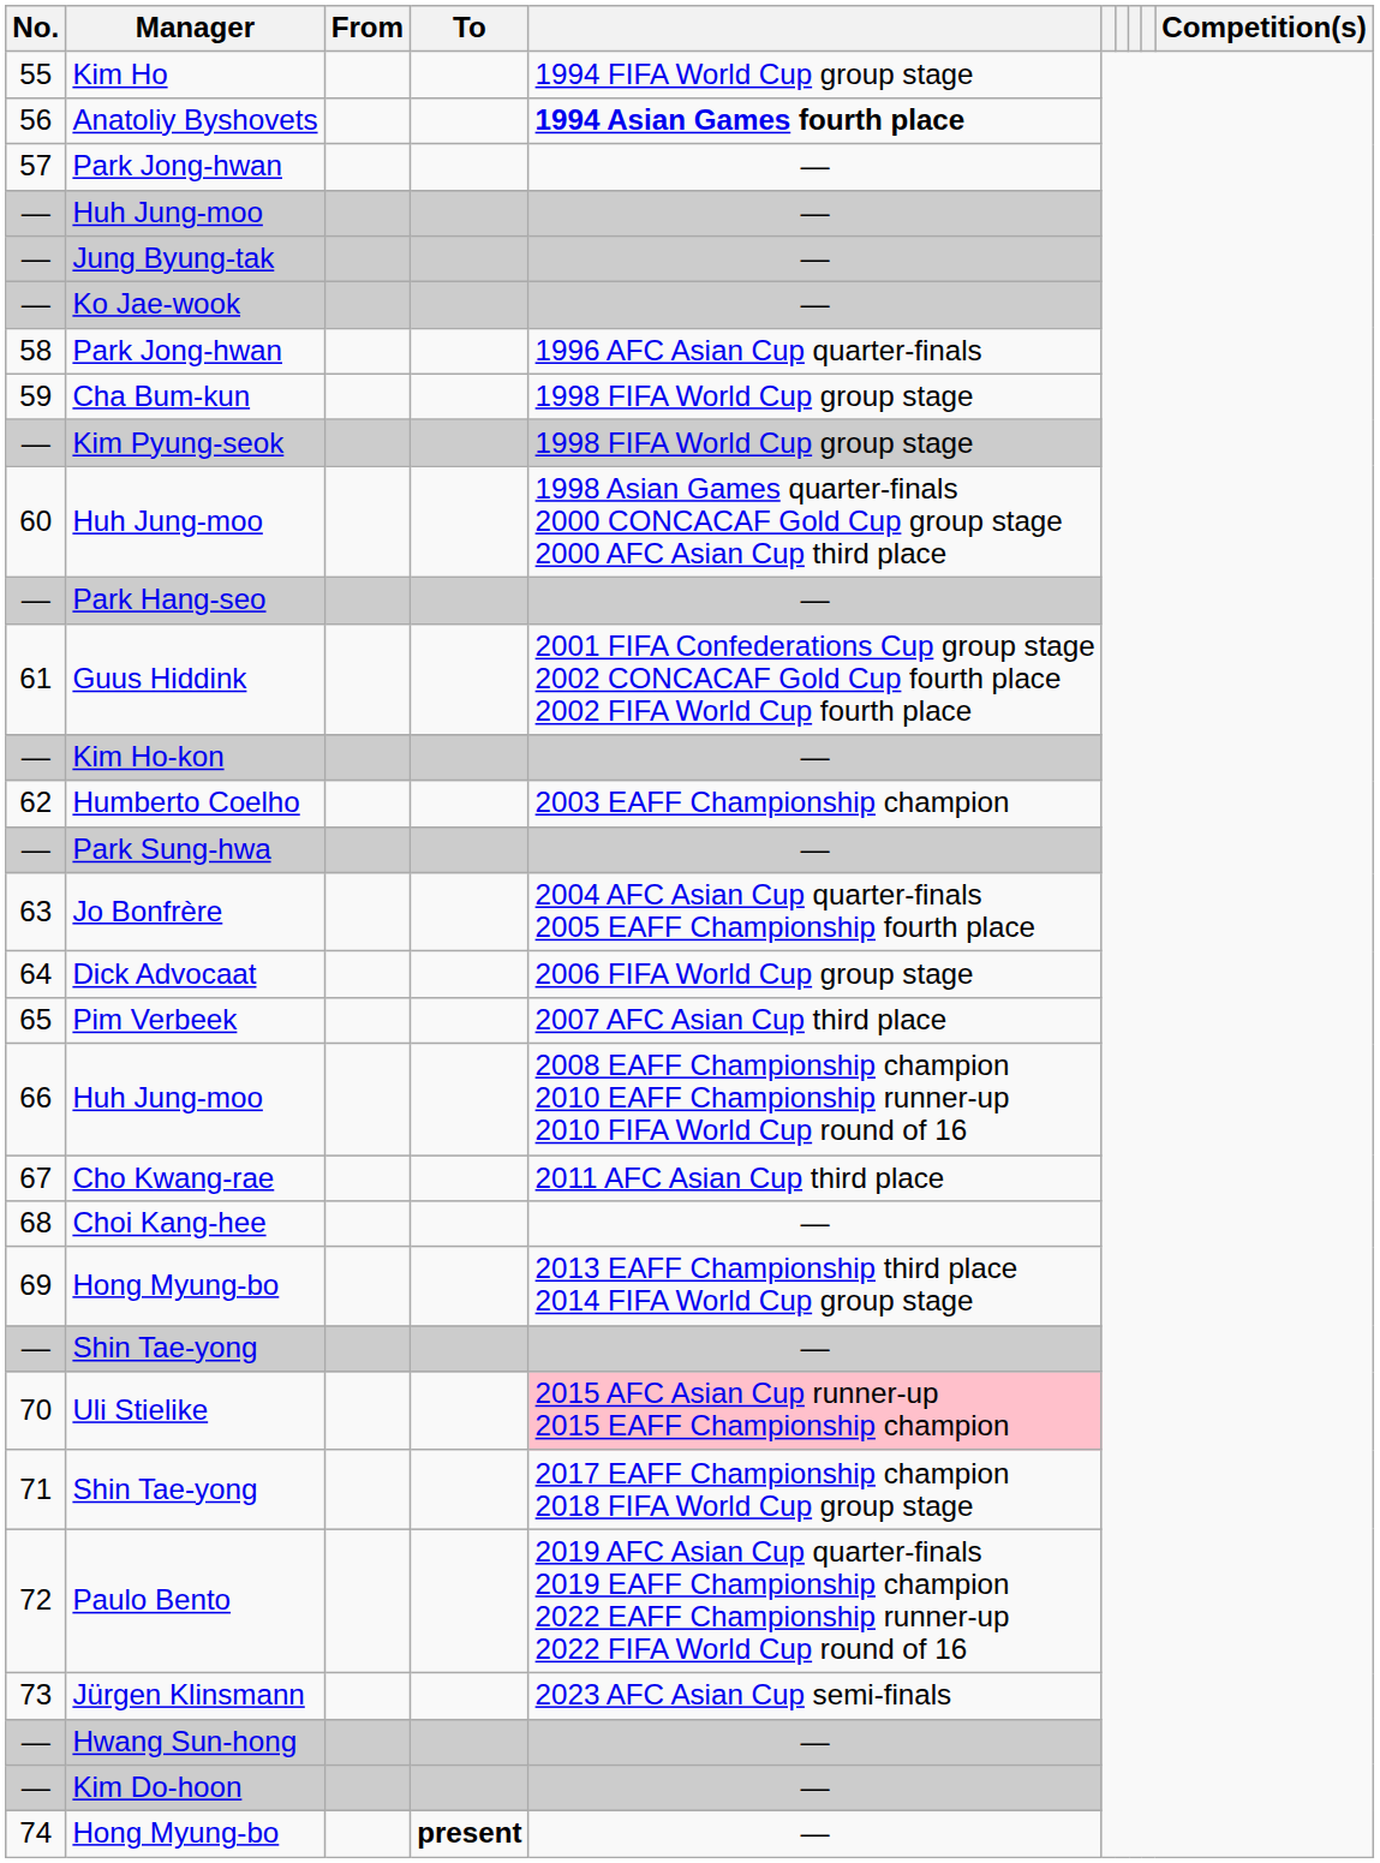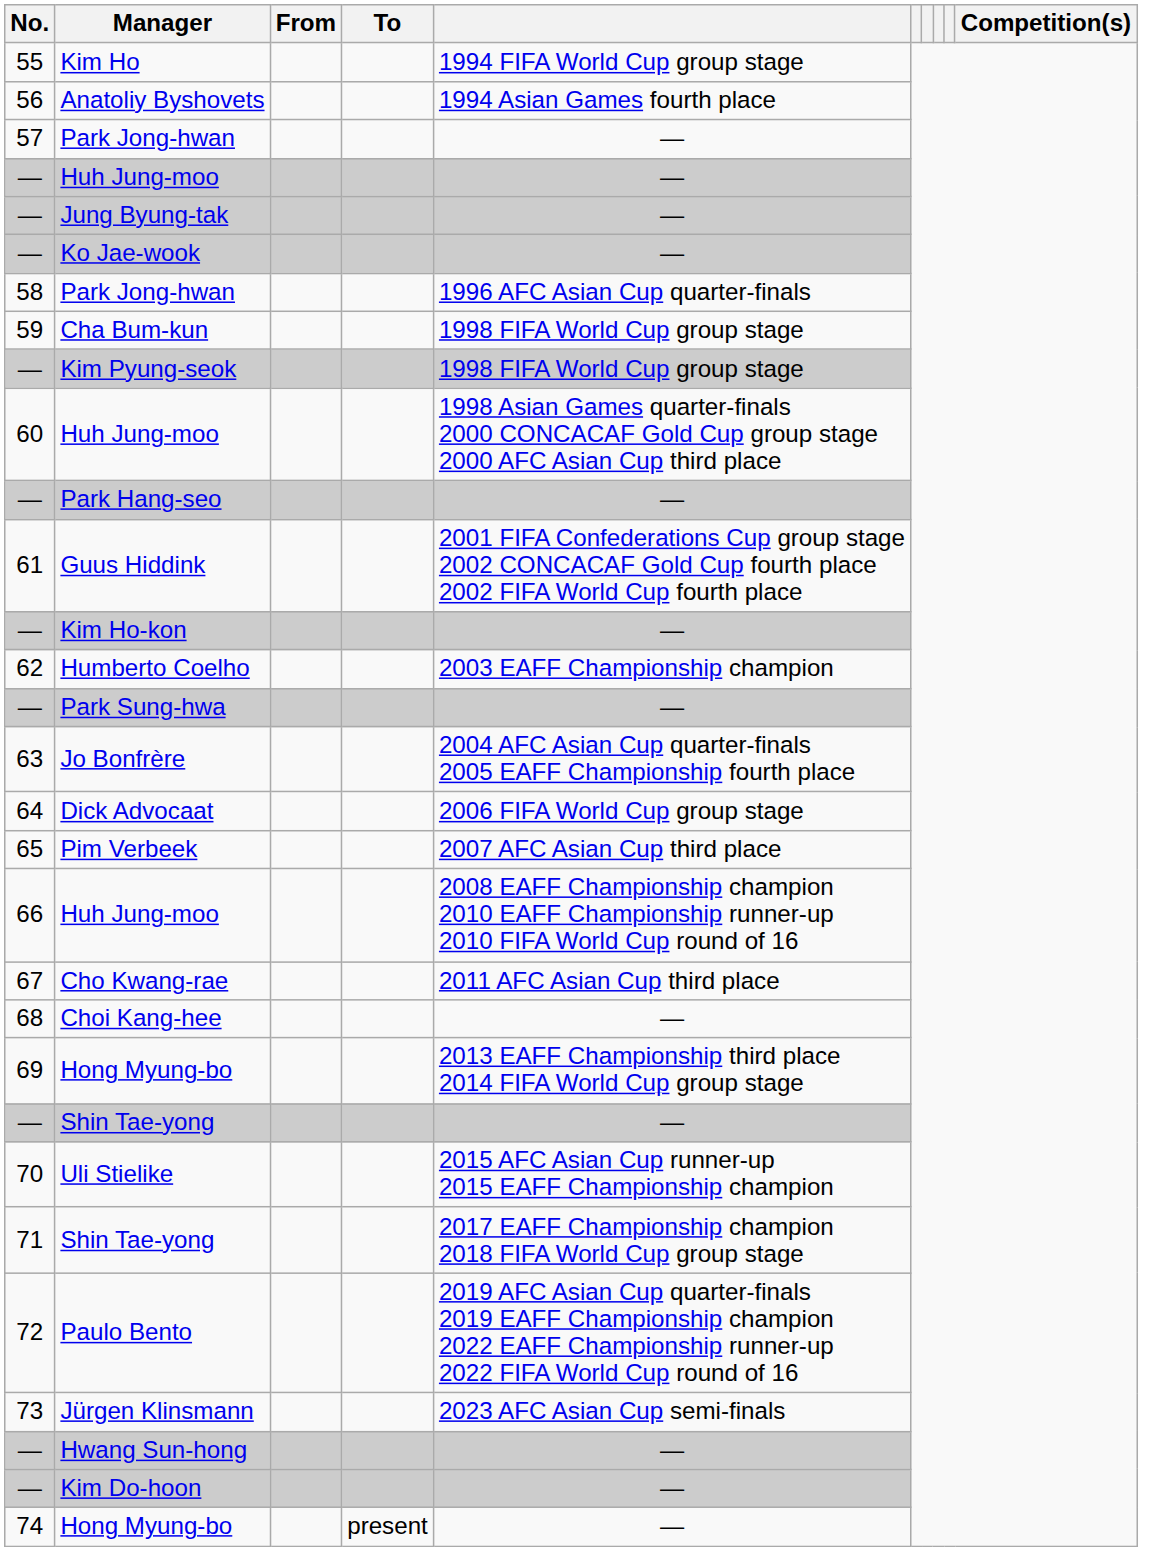 <table class="wikitable sortable">
 <tr>
 <th scope="col">No.</th>
 <th scope="col">Manager</th>
 <th scope="col">From</th>
 <th scope="col">To</th>
 <th scope="col"></th>
 <th scope="col"></th>
 <th scope="col"></th>
 <th scope="col"></th>
 <th scope="col"></th>
 <th scope="col">Competition(s)</th>
 </tr>
 <tr>
 <td scope="row" style="text-align:center">55</td>
 <td> <a href='#'>Kim Ho</a></td>
 <td></td>
 <td><br></td>
 <td><a href='#'>1994 FIFA World Cup</a> group stage</td>
 </tr>
 <tr>
 <td scope="row" style="text-align:center">56</td>
 <td> <a href='#'>Anatoliy Byshovets</a></td>
 <td></td>
 <td><br></td>
-<td><strong><a href='#'>1994 Asian Games</a> fourth place</strong></td>
+<td><a href='#'>1994 Asian Games</a> fourth place</td>
 </tr>
 <tr>
 <td scope="row" style="text-align:center">57</td>
 <td> <a href='#'>Park Jong-hwan</a></td>
 <td></td>
 <td><br></td>
 <td align="center">—</td>
 </tr>
 <tr bgcolor="#cccccc">
 <td scope="row" style="text-align:center">—</td>
 <td> <a href='#'>Huh Jung-moo</a></td>
 <td></td>
 <td><br></td>
 <td align="center">—</td>
 </tr>
 <tr bgcolor="#cccccc">
 <td scope="row" style="text-align:center">—</td>
 <td> <a href='#'>Jung Byung-tak</a></td>
 <td></td>
 <td><br></td>
 <td align="center">—</td>
 </tr>
 <tr bgcolor="#cccccc">
 <td scope="row" style="text-align:center">—</td>
 <td> <a href='#'>Ko Jae-wook</a></td>
 <td></td>
 <td><br></td>
 <td align="center">—</td>
 </tr>
 <tr>
 <td scope="row" style="text-align:center">58</td>
 <td> <a href='#'>Park Jong-hwan</a></td>
 <td></td>
 <td><br></td>
 <td><a href='#'>1996 AFC Asian Cup</a> quarter-finals</td>
 </tr>
 <tr>
 <td scope="row" style="text-align:center">59</td>
 <td> <a href='#'>Cha Bum-kun</a></td>
 <td></td>
 <td><br></td>
 <td><a href='#'>1998 FIFA World Cup</a> group stage</td>
 </tr>
 <tr bgcolor="#cccccc">
 <td scope="row" style="text-align:center">—</td>
 <td> <a href='#'>Kim Pyung-seok</a></td>
 <td></td>
 <td><br></td>
 <td><a href='#'>1998 FIFA World Cup</a> group stage</td>
 </tr>
 <tr>
 <td scope="row" style="text-align:center">60</td>
 <td> <a href='#'>Huh Jung-moo</a></td>
 <td></td>
 <td><br></td>
 <td><a href='#'>1998 Asian Games</a> quarter-finals<br><a href='#'>2000 CONCACAF Gold Cup</a> group stage<br><a href='#'>2000 AFC Asian Cup</a> third place</td>
 </tr>
 <tr bgcolor="#cccccc">
 <td scope="row" style="text-align:center">—</td>
 <td> <a href='#'>Park Hang-seo</a></td>
 <td></td>
 <td><br></td>
 <td align="center">—</td>
 </tr>
 <tr>
 <td scope="row" style="text-align:center">61</td>
 <td> <a href='#'>Guus Hiddink</a></td>
 <td></td>
 <td><br></td>
 <td><a href='#'>2001 FIFA Confederations Cup</a> group stage<br><a href='#'>2002 CONCACAF Gold Cup</a> fourth place<br><a href='#'>2002 FIFA World Cup</a> fourth place</td>
 </tr>
 <tr bgcolor="#cccccc">
 <td scope="row" style="text-align:center">—</td>
 <td> <a href='#'>Kim Ho-kon</a></td>
 <td></td>
 <td><br></td>
 <td align="center">—</td>
 </tr>
 <tr>
 <td scope="row" style="text-align:center">62</td>
 <td> <a href='#'>Humberto Coelho</a></td>
 <td></td>
 <td><br></td>
 <td><a href='#'>2003 EAFF Championship</a> champion</td>
 </tr>
 <tr bgcolor="#cccccc">
 <td scope="row" style="text-align:center">—</td>
 <td> <a href='#'>Park Sung-hwa</a></td>
 <td></td>
 <td><br></td>
 <td align="center">—</td>
 </tr>
 <tr>
 <td scope="row" style="text-align:center">63</td>
 <td> <a href='#'>Jo Bonfrère</a></td>
 <td></td>
 <td><br></td>
 <td><a href='#'>2004 AFC Asian Cup</a> quarter-finals<br><a href='#'>2005 EAFF Championship</a> fourth place</td>
 </tr>
 <tr>
 <td scope="row" style="text-align:center">64</td>
 <td> <a href='#'>Dick Advocaat</a></td>
 <td></td>
 <td><br></td>
 <td><a href='#'>2006 FIFA World Cup</a> group stage</td>
 </tr>
 <tr>
 <td scope="row" style="text-align:center">65</td>
 <td> <a href='#'>Pim Verbeek</a></td>
 <td></td>
 <td><br></td>
 <td><a href='#'>2007 AFC Asian Cup</a> third place</td>
 </tr>
 <tr>
 <td scope="row" style="text-align:center">66</td>
 <td> <a href='#'>Huh Jung-moo</a></td>
 <td></td>
 <td><br></td>
 <td><a href='#'>2008 EAFF Championship</a> champion<br><a href='#'>2010 EAFF Championship</a> runner-up<br><a href='#'>2010 FIFA World Cup</a> round of 16</td>
 </tr>
 <tr>
 <td scope="row" style="text-align:center">67</td>
 <td> <a href='#'>Cho Kwang-rae</a></td>
 <td></td>
 <td><br></td>
 <td><a href='#'>2011 AFC Asian Cup</a> third place</td>
 </tr>
 <tr>
 <td scope="row" style="text-align:center">68</td>
 <td> <a href='#'>Choi Kang-hee</a></td>
 <td></td>
 <td><br></td>
 <td align="center">—</td>
 </tr>
 <tr>
 <td scope="row" style="text-align:center">69</td>
 <td> <a href='#'>Hong Myung-bo</a></td>
 <td></td>
 <td><br></td>
 <td><a href='#'>2013 EAFF Championship</a> third place<br><a href='#'>2014 FIFA World Cup</a> group stage</td>
 </tr>
 <tr bgcolor="#cccccc">
 <td scope="row" style="text-align:center">—</td>
 <td> <a href='#'>Shin Tae-yong</a></td>
 <td></td>
 <td><br></td>
 <td align="center">—</td>
 </tr>
 <tr>
 <td scope="row" style="text-align:center">70</td>
 <td> <a href='#'>Uli Stielike</a></td>
 <td></td>
 <td><br></td>
-<td style="background: pink;"><a href='#'>2015 AFC Asian Cup</a> runner-up<br><a href='#'>2015 EAFF Championship</a> champion</td>
+<td><a href='#'>2015 AFC Asian Cup</a> runner-up<br><a href='#'>2015 EAFF Championship</a> champion</td>
 </tr>
 <tr>
 <td scope="row" style="text-align:center">71</td>
 <td> <a href='#'>Shin Tae-yong</a></td>
 <td></td>
 <td><br></td>
 <td><a href='#'>2017 EAFF Championship</a> champion<br><a href='#'>2018 FIFA World Cup</a> group stage</td>
 </tr>
 <tr>
 <td scope="row" style="text-align:center">72</td>
 <td> <a href='#'>Paulo Bento</a></td>
 <td></td>
 <td><br></td>
 <td><a href='#'>2019 AFC Asian Cup</a> quarter-finals<br><a href='#'>2019 EAFF Championship</a> champion<br><a href='#'>2022 EAFF Championship</a> runner-up<br><a href='#'>2022 FIFA World Cup</a> round of 16</td>
 </tr>
 <tr>
 <td scope="row" style="text-align:center">73</td>
 <td> <a href='#'>Jürgen Klinsmann</a></td>
 <td></td>
 <td><br></td>
 <td><a href='#'>2023 AFC Asian Cup</a> semi-finals</td>
 </tr>
 <tr bgcolor="#cccccc">
 <td scope="row" style="text-align:center">—</td>
 <td> <a href='#'>Hwang Sun-hong</a></td>
 <td></td>
 <td><br></td>
 <td align="center">—</td>
 </tr>
 <tr bgcolor="#cccccc">
 <td scope="row" style="text-align:center">—</td>
 <td> <a href='#'>Kim Do-hoon</a></td>
 <td></td>
 <td><br></td>
 <td align="center">—</td>
 </tr>
 <tr>
 <td scope="row" style="text-align:center">74</td>
 <td> <a href='#'>Hong Myung-bo</a></td>
 <td></td>
-<td><strong>present<br></strong></td>
+<td>present<br></td>
 <td align="center">—</td>
 </tr>
 </table>
